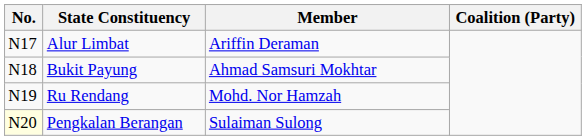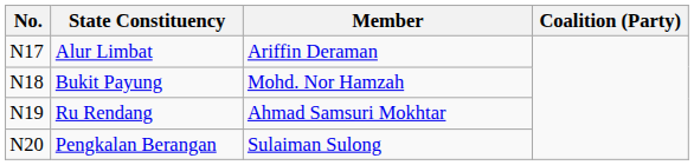 <table class="wikitable">
 <tr>
 <th width="30">No.</th>
 <th width="150">State Constituency</th>
 <th width="230">Member</th>
 <th width="120">Coalition (Party)</th>
 </tr>
 <tr>
 <td>N17</td>
 <td><a href='#'>Alur Limbat</a></td>
 <td><a href='#'>Ariffin Deraman</a></td>
 <td rowspan=4></td>
 </tr>
 <tr>
 <td>N18</td>
 <td><a href='#'>Bukit Payung</a></td>
-<td><a href='#'>Ahmad Samsuri Mokhtar</a></td>
+<td><a href='#'>Mohd. Nor Hamzah</a></td>
 </tr>
 <tr>
 <td>N19</td>
 <td><a href='#'>Ru Rendang</a></td>
-<td><a href='#'>Mohd. Nor Hamzah</a></td>
+<td><a href='#'>Ahmad Samsuri Mokhtar</a></td>
 </tr>
 <tr>
-<td style="background: lightyellow;">N20</td>
+<td>N20</td>
 <td><a href='#'>Pengkalan Berangan</a></td>
 <td><a href='#'>Sulaiman Sulong</a></td>
 </tr>
 </table>
